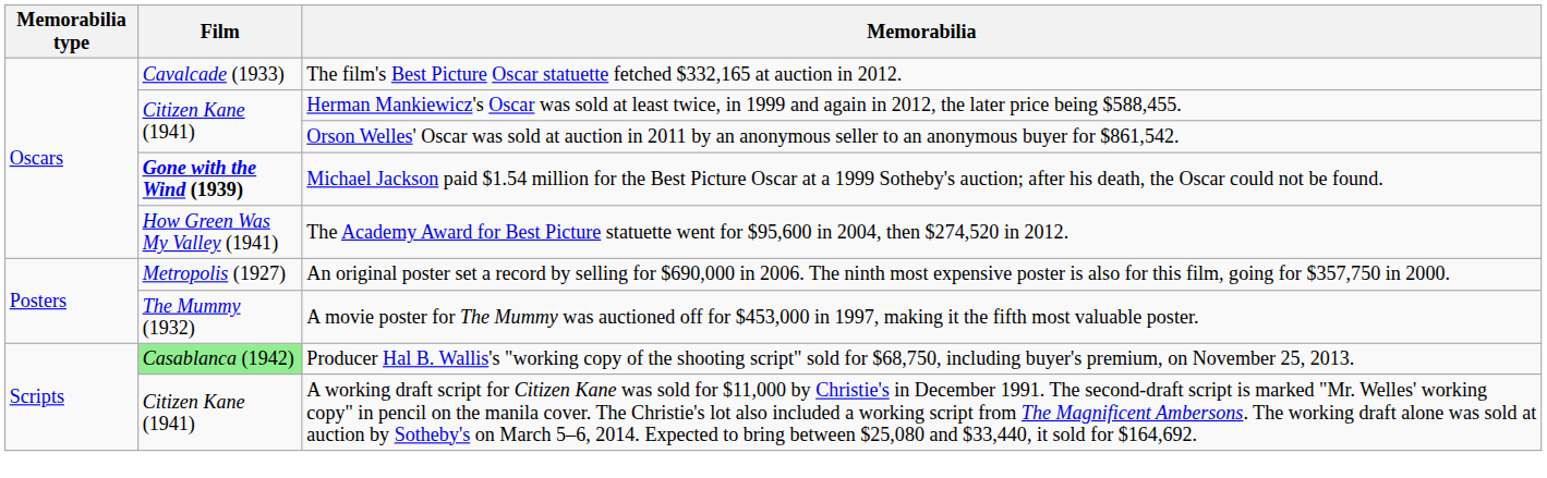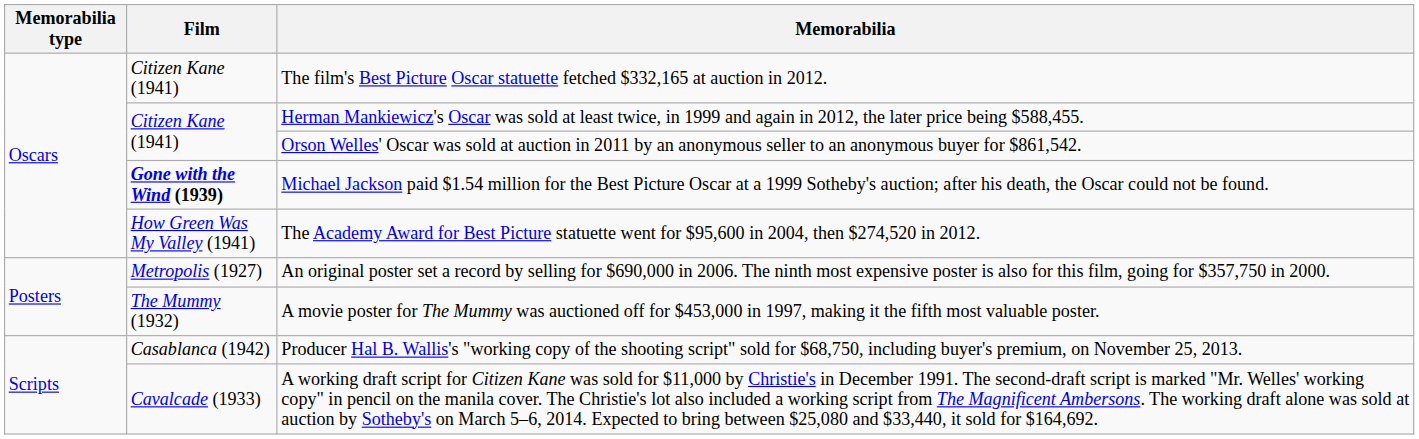 <table class="wikitable">
 <tr>
 <th>Memorabilia type</th>
 <th>Film</th>
 <th>Memorabilia</th>
 </tr>
 <tr>
 <td rowspan="5"><a href='#'>Oscars</a></td>
-<td><em><a href='#'>Cavalcade</a></em> (1933)</td>
+<td><em>Citizen Kane</em> (1941)</td>
 <td>The film's <a href='#'>Best Picture</a> <a href='#'>Oscar statuette</a> fetched $332,165 at auction in 2012.</td>
 </tr>
 <tr>
 <td rowspan="2"><em><a href='#'>Citizen Kane</a></em> (1941)</td>
 <td><a href='#'>Herman Mankiewicz</a>'s <a href='#'>Oscar</a> was sold at least twice, in 1999 and again in 2012, the later price being $588,455.</td>
 </tr>
 <tr>
 <td><a href='#'>Orson Welles</a>' Oscar was sold at auction in 2011 by an anonymous seller to an anonymous buyer for $861,542.</td>
 </tr>
 <tr>
 <td><strong><em><a href='#'>Gone with the Wind</a></em> (1939)</strong></td>
 <td><a href='#'>Michael Jackson</a> paid $1.54 million for the Best Picture Oscar at a 1999 Sotheby's auction; after his death, the Oscar could not be found.</td>
 </tr>
 <tr>
 <td><em><a href='#'>How Green Was My Valley</a></em> (1941)</td>
 <td>The <a href='#'>Academy Award for Best Picture</a> statuette went for $95,600 in 2004, then $274,520 in 2012.</td>
 </tr>
 <tr>
 <td rowspan="2"><a href='#'>Posters</a></td>
 <td><em><a href='#'>Metropolis</a></em> (1927)</td>
 <td>An original poster set a record by selling for $690,000 in 2006. The ninth most expensive poster is also for this film, going for $357,750 in 2000.</td>
 </tr>
 <tr>
 <td><em><a href='#'>The Mummy</a></em> (1932)</td>
 <td>A movie poster for <em>The Mummy</em> was auctioned off for $453,000 in 1997, making it the fifth most valuable poster.</td>
 </tr>
 <tr>
 <td rowspan="2"><a href='#'>Scripts</a></td>
-<td style="background: lightgreen;"><em>Casablanca</em> (1942)</td>
+<td><em>Casablanca</em> (1942)</td>
 <td>Producer <a href='#'>Hal B. Wallis</a>'s "working copy of the shooting script" sold for $68,750, including buyer's premium, on November 25, 2013.</td>
 </tr>
 <tr>
-<td><em>Citizen Kane</em> (1941)</td>
+<td><em><a href='#'>Cavalcade</a></em> (1933)</td>
 <td>A working draft script for <em>Citizen Kane</em> was sold for $11,000 by <a href='#'>Christie's</a> in December 1991. The second-draft script is marked "Mr. Welles' working copy" in pencil on the manila cover. The Christie's lot also included a working script from <em><a href='#'>The Magnificent Ambersons</a></em>. The working draft alone was sold at auction by <a href='#'>Sotheby's</a> on March 5–6, 2014. Expected to bring between $25,080 and $33,440, it sold for $164,692.</td>
 </tr>
 </table>
